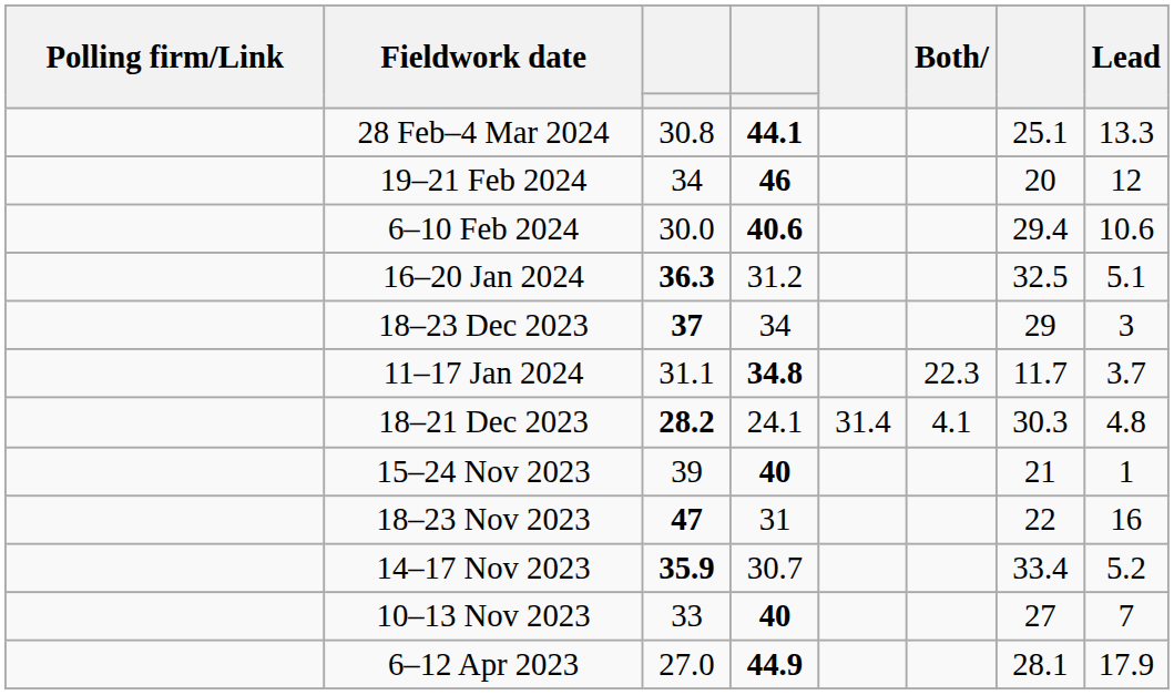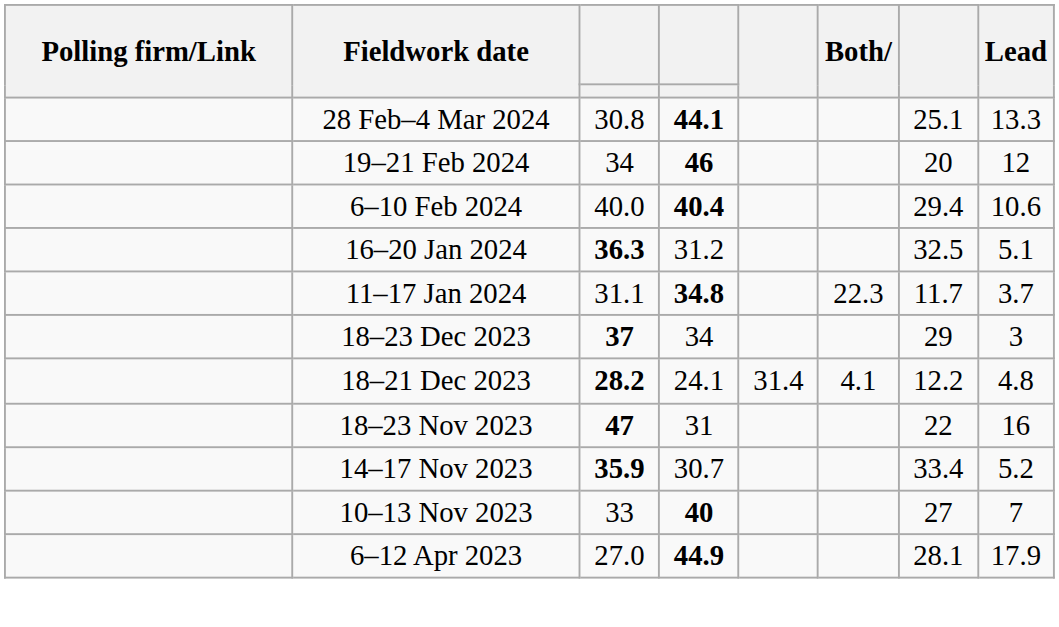 <table class="wikitable sortable mw-datatable" style="text-align:center;font-size:95%;line-height:16px;">
 <tr style="height:42px;">
 <th style="width:145px;" rowspan="2">Polling firm/Link</th>
 <th style="width:145px;" rowspan="2">Fieldwork date</th>
 <th style="width:35px;"></th>
 <th style="width:35px;"></th>
 <th class="unsortable" style="width:35px;" rowspan="2"></th>
 <th class="unsortable" style="width:35px;" rowspan="2">Both/<br></th>
 <th class="unsortable" style="width:35px;" rowspan="2"></th>
 <th class="unsortable" style="width:30px;" rowspan="2">Lead</th>
 </tr>
 <tr>
 <th style="color:inherit;background:"></th>
 <th style="color:inherit;background:"></th>
 </tr>
 <tr>
 <td></td>
 <td data-sort-value="2019-10-03">28 Feb–4 Mar 2024</td>
 <td>30.8</td>
 <td><strong>44.1</strong></td>
 <td></td>
 <td></td>
 <td>25.1</td>
 <td style="background:">13.3</td>
 </tr>
 <tr>
 <td></td>
 <td data-sort-value="2019-10-03">19–21 Feb 2024</td>
 <td>34</td>
 <td><strong>46</strong></td>
 <td></td>
 <td></td>
 <td>20</td>
 <td style="background:">12</td>
 </tr>
 <tr>
 <td></td>
 <td data-sort-value="2019-10-03">6–10 Feb 2024</td>
-<td>30.0</td>
-<td><strong>40.6</strong></td>
+<td>40.0</td>
+<td><strong>40.4</strong></td>
 <td></td>
 <td></td>
 <td>29.4</td>
 <td style="background:">10.6</td>
 </tr>
 <tr>
 <td></td>
 <td data-sort-value="2019-10-03">16–20 Jan 2024</td>
 <td><strong>36.3</strong></td>
 <td>31.2</td>
 <td></td>
 <td></td>
 <td>32.5</td>
 <td style="background:">5.1</td>
 </tr>
 <tr>
 <td></td>
+<td data-sort-value="2019-10-03">11–17 Jan 2024</td>
+<td>31.1</td>
+<td><strong>34.8</strong></td>
+<td></td>
+<td>22.3</td>
+<td>11.7</td>
+<td style="background:">3.7</td>
+</tr>
+<tr>
+<td></td>
 <td>18–23 Dec 2023</td>
 <td><strong>37</strong></td>
 <td>34</td>
 <td></td>
 <td></td>
 <td>29</td>
 <td style="background:">3</td>
 </tr>
 <tr>
 <td></td>
-<td data-sort-value="2019-10-03">11–17 Jan 2024</td>
-<td>31.1</td>
-<td><strong>34.8</strong></td>
-<td></td>
-<td>22.3</td>
-<td>11.7</td>
-<td style="background:">3.7</td>
-</tr>
-<tr>
-<td></td>
 <td>18–21 Dec 2023</td>
 <td><strong>28.2</strong></td>
 <td>24.1</td>
 <td>31.4</td>
 <td>4.1</td>
-<td>30.3</td>
+<td>12.2</td>
 <td style="background:">4.8</td>
-</tr>
-<tr>
-<td></td>
-<td>15–24 Nov 2023</td>
-<td>39</td>
-<td><strong>40</strong></td>
-<td></td>
-<td></td>
-<td>21</td>
-<td style="background:">1</td>
 </tr>
 <tr>
 <td></td>
 <td>18–23 Nov 2023</td>
 <td><strong>47</strong></td>
 <td>31</td>
 <td></td>
 <td></td>
 <td>22</td>
 <td style="background:">16</td>
 </tr>
 <tr>
 <td></td>
 <td>14–17 Nov 2023</td>
 <td><strong>35.9</strong></td>
 <td>30.7</td>
 <td></td>
 <td></td>
 <td>33.4</td>
 <td style="background:">5.2</td>
 </tr>
 <tr>
 <td></td>
 <td>10–13 Nov 2023</td>
 <td>33</td>
 <td><strong>40</strong></td>
 <td></td>
 <td></td>
 <td>27</td>
 <td style="background:">7</td>
 </tr>
 <tr>
 <td></td>
 <td>6–12 Apr 2023</td>
 <td>27.0</td>
 <td><strong>44.9</strong></td>
 <td></td>
 <td></td>
 <td>28.1</td>
 <td style="background:">17.9</td>
 </tr>
 </table>
